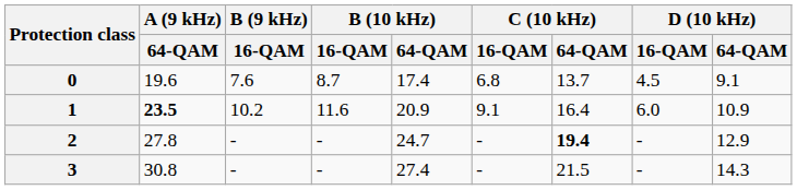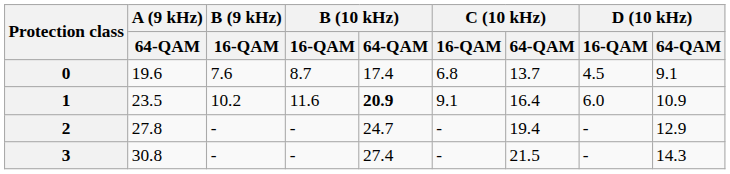 <table class="wikitable">
 <tr>
 <th rowspan="2">Protection class</th>
 <th>A (9 kHz)</th>
 <th>B (9 kHz)</th>
 <th colspan="2">B (10 kHz)</th>
 <th colspan="2">C (10 kHz)</th>
 <th colspan="2">D (10 kHz)</th>
 </tr>
 <tr>
 <th>64-QAM</th>
 <th>16-QAM</th>
 <th>16-QAM</th>
 <th>64-QAM</th>
 <th>16-QAM</th>
 <th>64-QAM</th>
 <th>16-QAM</th>
 <th>64-QAM</th>
 </tr>
 <tr>
 <th>0</th>
 <td>19.6</td>
 <td>7.6</td>
 <td>8.7</td>
 <td>17.4</td>
 <td>6.8</td>
 <td>13.7</td>
 <td>4.5</td>
 <td>9.1</td>
 </tr>
 <tr>
 <th>1</th>
-<td><strong>23.5</strong></td>
+<td>23.5</td>
 <td>10.2</td>
 <td>11.6</td>
-<td>20.9</td>
+<td><strong>20.9</strong></td>
 <td>9.1</td>
 <td>16.4</td>
 <td>6.0</td>
 <td>10.9</td>
 </tr>
 <tr>
 <th>2</th>
 <td>27.8</td>
 <td>-</td>
 <td>-</td>
 <td>24.7</td>
 <td>-</td>
-<td><strong>19.4</strong></td>
+<td>19.4</td>
 <td>-</td>
 <td>12.9</td>
 </tr>
 <tr>
 <th>3</th>
 <td>30.8</td>
 <td>-</td>
 <td>-</td>
 <td>27.4</td>
 <td>-</td>
 <td>21.5</td>
 <td>-</td>
 <td>14.3</td>
 </tr>
 </table>
